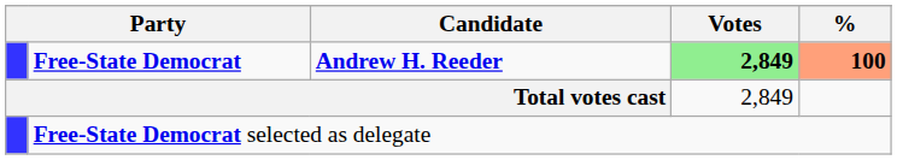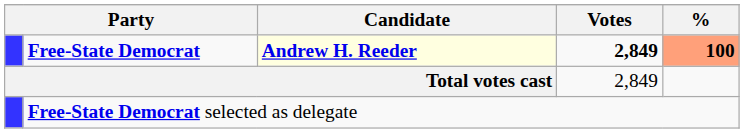 <table class="wikitable plainrowheaders" style="text-align:center;">
 <tr>
 </tr>
 <tr>
 <th scope="col" colspan="2" style="width: 15em">Party</th>
 <th scope="col" style="width: 15em">Candidate</th>
 <th scope="col" style="width: 5em">Votes</th>
 <th scope="col" style="width: 3.5em">%</th>
 </tr>
 <tr>
 <td style="width: 0.5em; background-color:#3333FF"></td>
 <td style="text-align: left"><strong><a href='#'>Free-State Democrat</a></strong></td>
-<td style="text-align: left"><strong><a href='#'>Andrew H. Reeder</a></strong></td>
-<td style="background: lightgreen; text-align: right; margin-right: 0.5em"><strong>2,849</strong></td>
+<td style="background: lightyellow; text-align: left"><strong><a href='#'>Andrew H. Reeder</a></strong></td>
+<td style="text-align: right; margin-right: 0.5em"><strong>2,849</strong></td>
 <td style="background: lightsalmon; text-align: right; margin-right: 0.5em"><strong>100</strong></td>
 </tr>
 <tr>
 <th colspan="3" style="text-align:right;">Total votes cast</th>
 <td style="text-align:right;">2,849</td>
 <td style="text-align:right;"></td>
 </tr>
 <tr>
 <td style="width: 0.5em; background-color:#3333FF"></td>
 <td colspan="4" style="text-align:left;"><strong><a href='#'>Free-State Democrat</a></strong> selected as delegate</td>
 </tr>
 </table>
